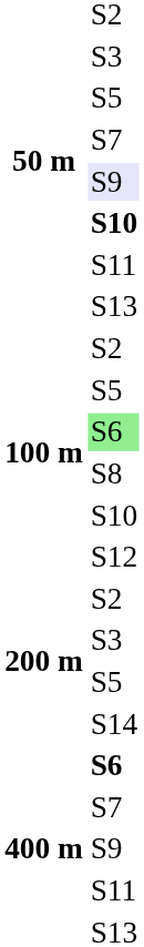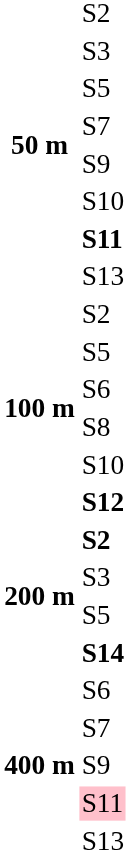 <table>
 <tr>
 <th rowspan="8">50 m</th>
 <td>S2 <br></td>
 <td></td>
 <td></td>
 <td></td>
 </tr>
 <tr>
 <td>S3 <br></td>
 <td></td>
 <td></td>
 <td></td>
 </tr>
 <tr>
 <td>S5 <br></td>
 <td></td>
 <td></td>
 <td></td>
 </tr>
 <tr>
 <td>S7 <br></td>
 <td></td>
 <td></td>
 <td></td>
 </tr>
 <tr>
-<td style="background: lavender;">S9 <br></td>
+<td>S9 <br></td>
 <td></td>
 <td></td>
 <td></td>
 </tr>
 <tr>
-<td><strong>S10 <br></strong></td>
+<td>S10 <br></td>
 <td></td>
 <td></td>
 <td></td>
 </tr>
 <tr>
-<td>S11 <br></td>
+<td><strong>S11 <br></strong></td>
 <td></td>
 <td></td>
 <td></td>
 </tr>
 <tr>
 <td>S13 <br></td>
 <td></td>
 <td></td>
 <td></td>
 </tr>
 <tr>
 <th rowspan="6">100 m</th>
 <td>S2 <br></td>
 <td></td>
 <td></td>
 <td></td>
 </tr>
 <tr>
 <td>S5 <br></td>
 <td></td>
 <td></td>
 <td></td>
 </tr>
 <tr>
-<td style="background: lightgreen;">S6 <br></td>
+<td>S6 <br></td>
 <td></td>
 <td></td>
 <td></td>
 </tr>
 <tr>
 <td>S8 <br></td>
 <td></td>
 <td></td>
 <td></td>
 </tr>
 <tr>
 <td>S10 <br></td>
 <td></td>
 <td></td>
 <td></td>
 </tr>
 <tr>
-<td>S12 <br></td>
+<td><strong>S12 <br></strong></td>
 <td></td>
 <td></td>
 <td></td>
 </tr>
 <tr>
 <th rowspan="4">200 m</th>
-<td>S2 <br></td>
+<td><strong>S2 <br></strong></td>
 <td></td>
 <td></td>
 <td></td>
 </tr>
 <tr>
 <td>S3 <br></td>
 <td></td>
 <td></td>
 <td></td>
 </tr>
 <tr>
 <td>S5 <br></td>
 <td></td>
 <td></td>
 <td></td>
 </tr>
 <tr>
-<td>S14 <br></td>
+<td><strong>S14 <br></strong></td>
 <td></td>
 <td></td>
 <td></td>
 </tr>
 <tr>
 <th rowspan="5">400 m</th>
-<td><strong>S6 <br></strong></td>
+<td>S6 <br></td>
 <td></td>
 <td></td>
 <td></td>
 </tr>
 <tr>
 <td>S7 <br></td>
 <td></td>
 <td></td>
 <td></td>
 </tr>
 <tr>
 <td>S9 <br></td>
 <td></td>
 <td></td>
 <td></td>
 </tr>
 <tr>
-<td>S11 <br></td>
+<td style="background: pink;">S11 <br></td>
 <td></td>
 <td></td>
 <td></td>
 </tr>
 <tr>
 <td>S13 <br></td>
 <td></td>
 <td></td>
 <td></td>
 </tr>
 </table>
